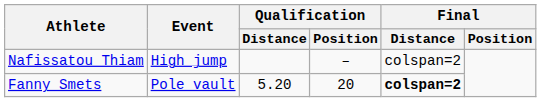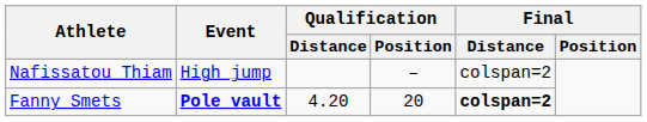 <table class=wikitable style=font-size:90%>
 <tr>
 <th rowspan=2>Athlete</th>
 <th rowspan=2>Event</th>
 <th colspan=2>Qualification</th>
 <th colspan=2>Final</th>
 </tr>
 <tr style=font-size:95%>
 <th>Distance</th>
 <th>Position</th>
 <th>Distance</th>
 <th>Position</th>
 </tr>
 <tr align=center>
 <td align=left><a href='#'>Nafissatou Thiam</a></td>
 <td align=left><a href='#'>High jump</a></td>
 <td></td>
 <td>–</td>
 <td>colspan=2 </td>
 </tr>
 <tr align=center>
 <td align=left><a href='#'>Fanny Smets</a></td>
-<td align=left><a href='#'>Pole vault</a></td>
-<td>5.20</td>
+<td align=left><strong><a href='#'>Pole vault</a></strong></td>
+<td>4.20</td>
 <td>20</td>
 <td><strong>colspan=2 </strong></td>
 </tr>
 </table>
